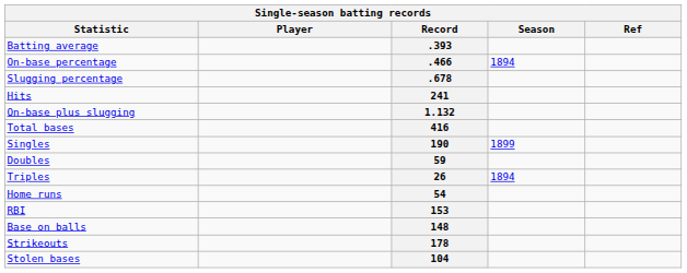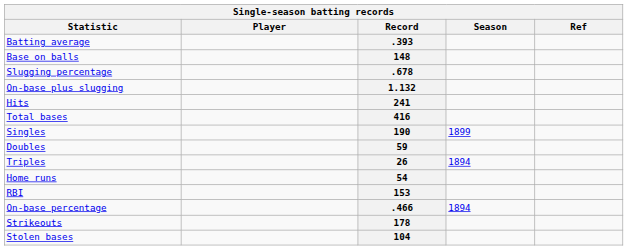 <table class="wikitable" width="69%">
 <tr>
 <th colspan=5>Single-season batting records</th>
 </tr>
 <tr>
 <th scope="col" width=20%>Statistic</th>
 <th scope="col" width=20%>Player</th>
 <th scope="col" width=10% class="unsortable">Record</th>
 <th scope="col" width=10%>Season</th>
 <th scope="col" width=10% class="unsortable">Ref</th>
 </tr>
 <tr>
 <td><a href='#'>Batting average</a></td>
 <td></td>
 <th scope="row">.393</th>
 <td></td>
 <td></td>
 </tr>
 <tr>
-<td><a href='#'>On-base percentage</a></td>
+<td><a href='#'>Base on balls</a></td>
 <td></td>
-<th scope="row">.466</th>
-<td><a href='#'>1894</a></td>
+<th scope="row">148</th>
+<td></td>
 <td></td>
 </tr>
 <tr>
 <td><a href='#'>Slugging percentage</a></td>
 <td></td>
 <th scope="row">.678</th>
 <td></td>
 <td></td>
 </tr>
 <tr>
-<td><a href='#'>Hits</a></td>
+<td><a href='#'>On-base plus slugging</a></td>
 <td></td>
-<th scope="row">241</th>
+<th scope="row">1.132</th>
 <td></td>
 <td></td>
 </tr>
 <tr>
-<td><a href='#'>On-base plus slugging</a></td>
+<td><a href='#'>Hits</a></td>
 <td></td>
-<th scope="row">1.132</th>
+<th scope="row">241</th>
 <td></td>
 <td></td>
 </tr>
 <tr>
 <td><a href='#'>Total bases</a></td>
 <td></td>
 <th scope="row">416</th>
 <td></td>
 <td></td>
 </tr>
 <tr>
 <td><a href='#'>Singles</a></td>
 <td></td>
 <th scope="row">190</th>
 <td><a href='#'>1899</a></td>
 <td></td>
 </tr>
 <tr>
 <td><a href='#'>Doubles</a></td>
 <td></td>
 <th scope="row">59</th>
 <td></td>
 <td></td>
 </tr>
 <tr>
 <td><a href='#'>Triples</a></td>
 <td></td>
 <th scope="row">26</th>
 <td><a href='#'>1894</a></td>
 <td></td>
 </tr>
 <tr>
 <td><a href='#'>Home runs</a></td>
 <td></td>
 <th scope="row">54</th>
 <td></td>
 <td></td>
 </tr>
 <tr>
 <td><a href='#'>RBI</a></td>
 <td></td>
 <th scope="row">153</th>
 <td></td>
 <td></td>
 </tr>
 <tr>
-<td><a href='#'>Base on balls</a></td>
+<td><a href='#'>On-base percentage</a></td>
 <td></td>
-<th scope="row">148</th>
-<td></td>
+<th scope="row">.466</th>
+<td><a href='#'>1894</a></td>
 <td></td>
 </tr>
 <tr>
 <td><a href='#'>Strikeouts</a></td>
 <td></td>
 <th scope="row">178</th>
 <td></td>
 <td></td>
 </tr>
 <tr>
 <td><a href='#'>Stolen bases</a></td>
 <td></td>
 <th scope="row">104</th>
 <td></td>
 <td></td>
 </tr>
 </table>
